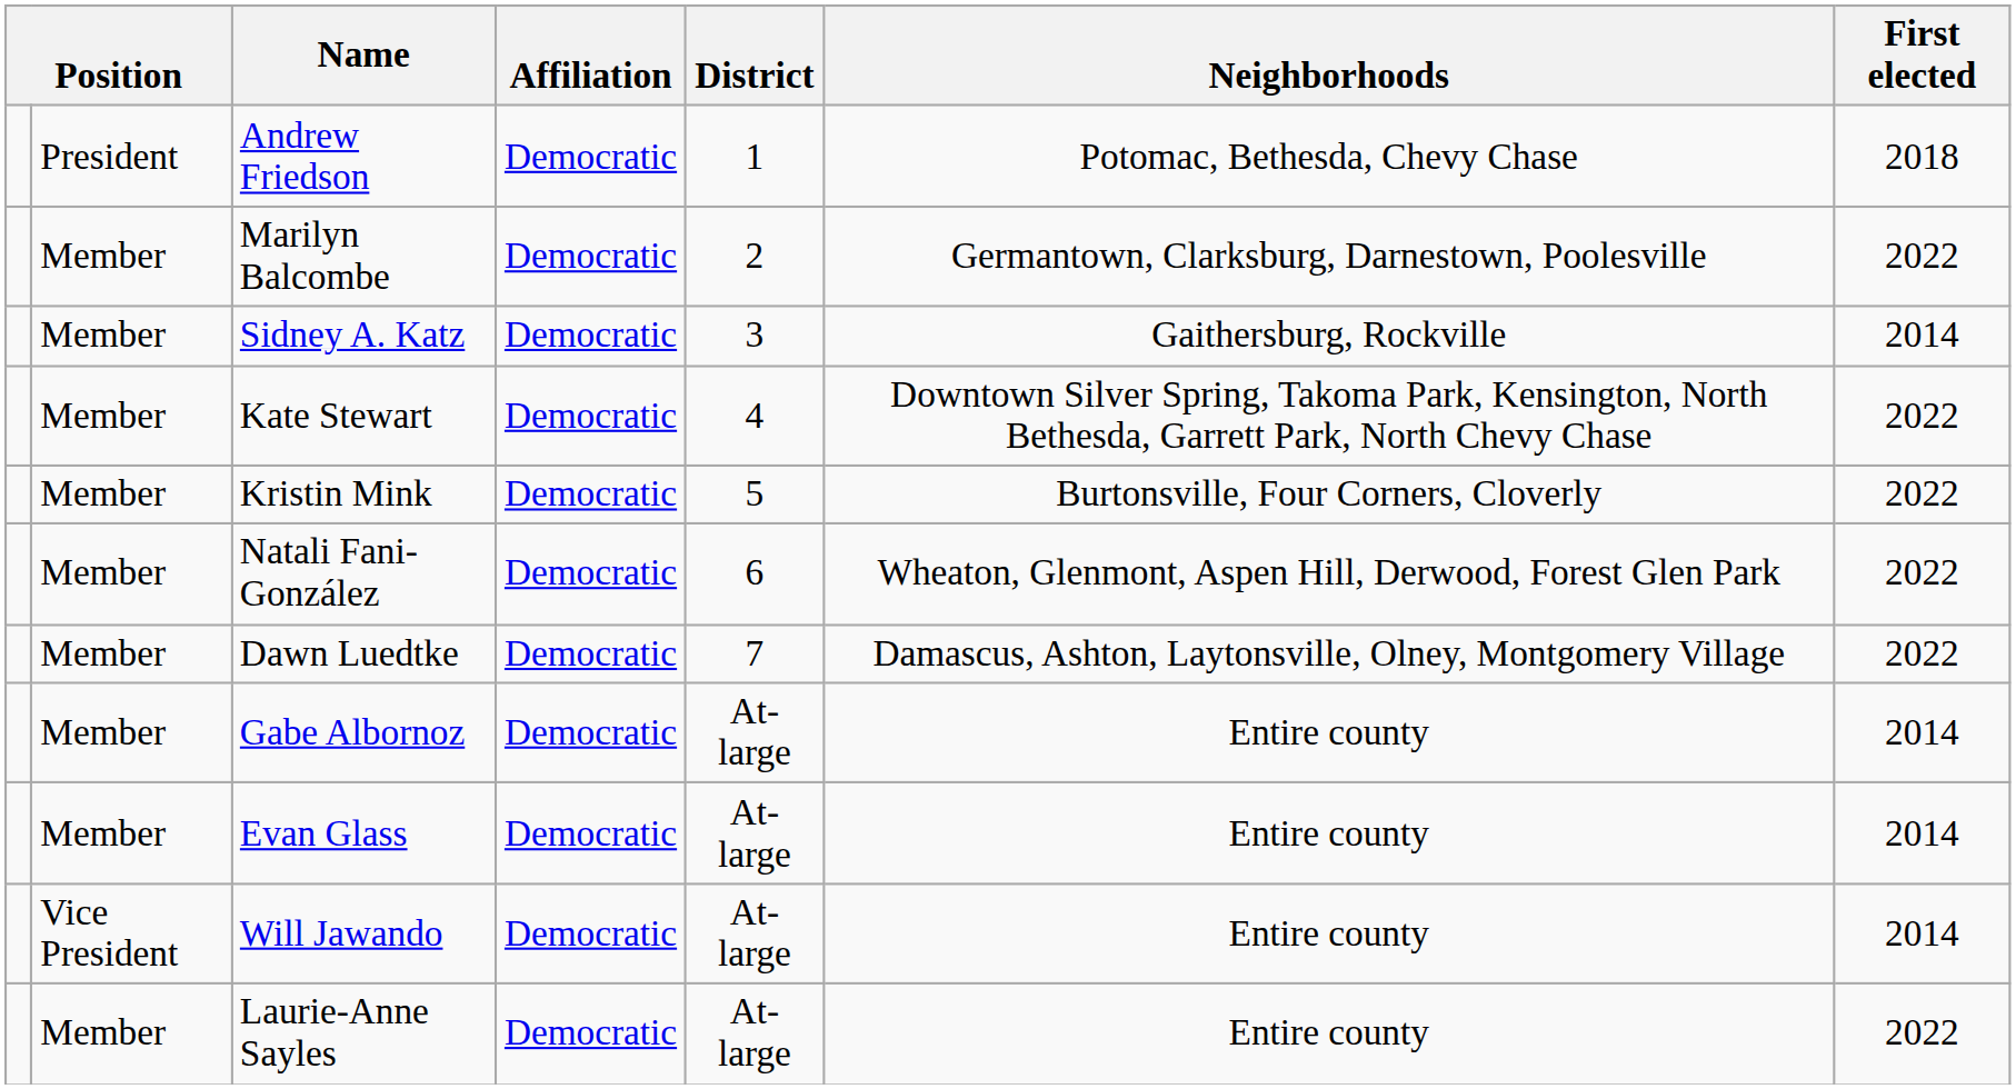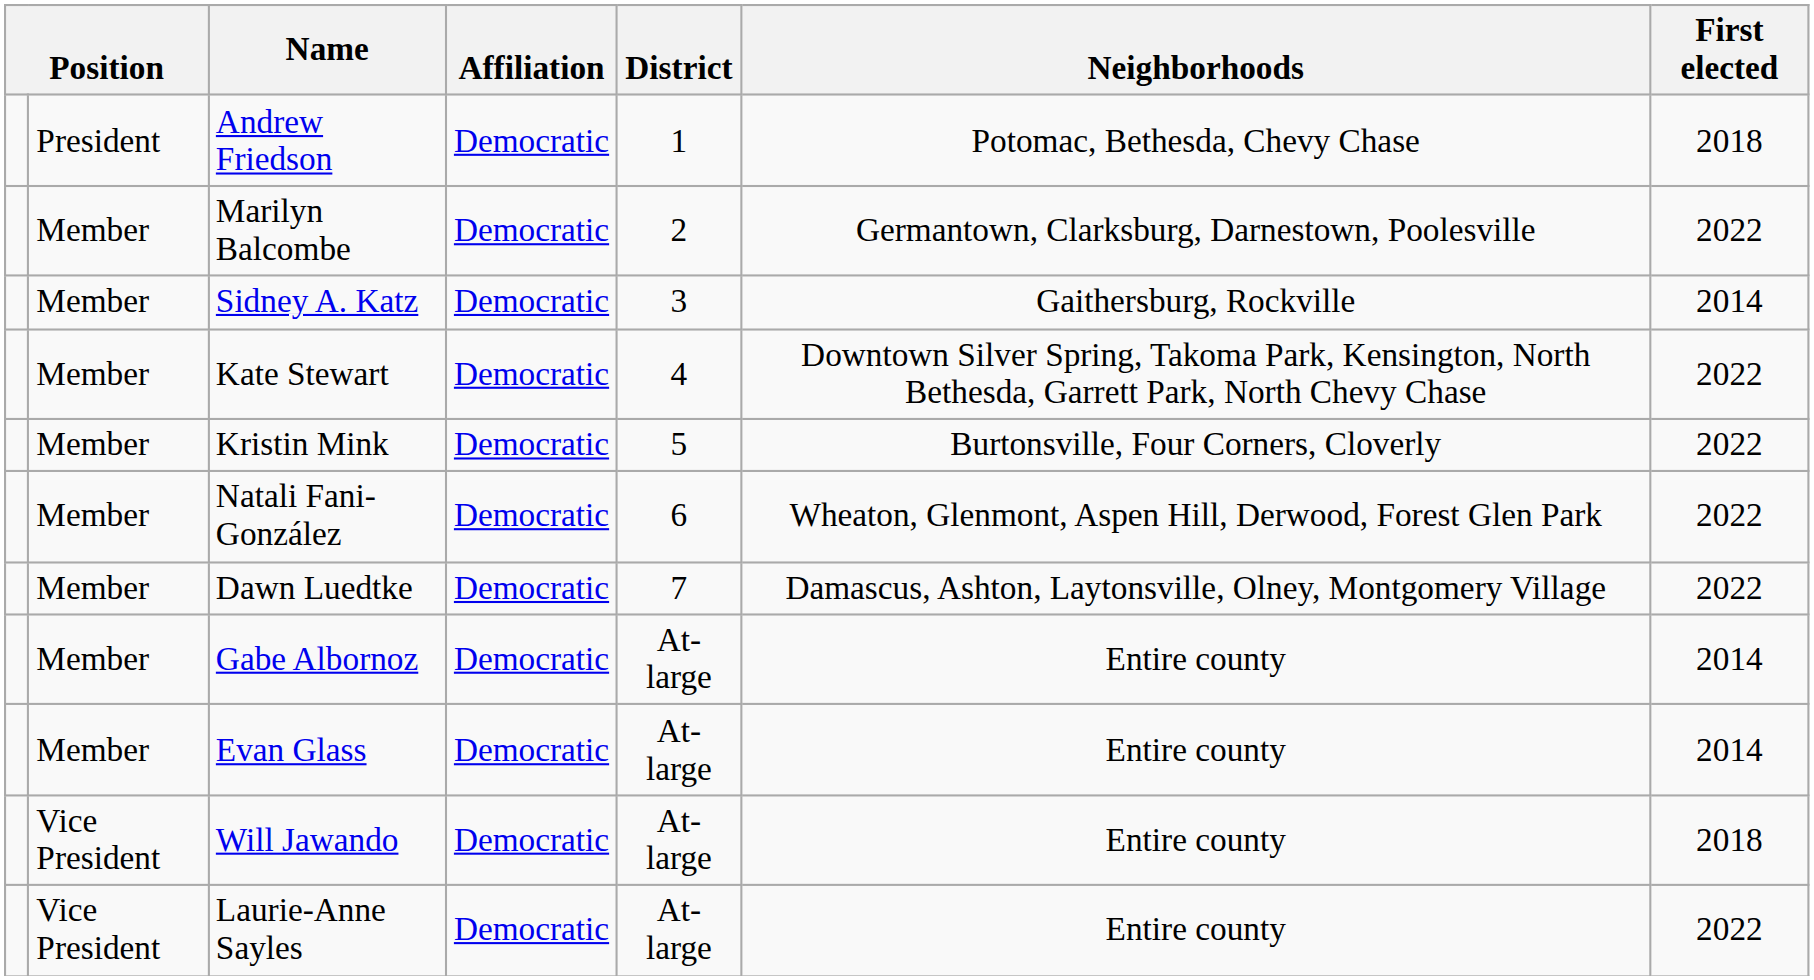 <table class=wikitable>
 <tr>
 <th colspan="2"  style="text-align:center; vertical-align:bottom;">Position</th>
 <th style="text-align:center;">Name</th>
 <th valign=bottom>Affiliation</th>
 <th style="vertical-align:bottom; text-align:center;">District</th>
 <th style="vertical-align:bottom; test-aligh:center;">Neighborhoods</th>
 <th style="vertical-align:bottom; text-align:center;">First elected</th>
 </tr>
 <tr>
 <td style="background-color:"> </td>
 <td>President</td>
 <td><a href='#'>Andrew Friedson</a></td>
 <td style="text-align:center;"><a href='#'>Democratic</a></td>
 <td style="text-align:center;">1</td>
 <td style="text-align:center;">Potomac, Bethesda, Chevy Chase</td>
 <td style="text-align:center;">2018</td>
 </tr>
 <tr>
 <td style="background-color:"> </td>
 <td>Member</td>
 <td>Marilyn Balcombe</td>
 <td style="text-align:center;"><a href='#'>Democratic</a></td>
 <td style="text-align:center;">2</td>
 <td style="text-align:center;">Germantown, Clarksburg, Darnestown, Poolesville</td>
 <td style="text-align:center;">2022</td>
 </tr>
 <tr>
 <td style="background-color:"> </td>
 <td>Member</td>
 <td><a href='#'>Sidney A. Katz</a></td>
 <td style="text-align:center;"><a href='#'>Democratic</a></td>
 <td style="text-align:center;">3</td>
 <td style="text-align:center;">Gaithersburg, Rockville</td>
 <td style="text-align:center;">2014</td>
 </tr>
 <tr>
 <td style="background-color:"> </td>
 <td>Member</td>
 <td>Kate Stewart</td>
 <td style="text-align:center;"><a href='#'>Democratic</a></td>
 <td style="text-align:center;">4</td>
 <td style="text-align:center;">Downtown Silver Spring, Takoma Park, Kensington, North Bethesda, Garrett Park, North Chevy Chase</td>
 <td style="text-align:center;">2022</td>
 </tr>
 <tr>
 <td style="background-color:"> </td>
 <td>Member</td>
 <td>Kristin Mink</td>
 <td style="text-align:center;"><a href='#'>Democratic</a></td>
 <td style="text-align:center;">5</td>
 <td style="text-align:center;">Burtonsville, Four Corners, Cloverly</td>
 <td style="text-align:center;">2022</td>
 </tr>
 <tr>
 <td style="background-color:"> </td>
 <td>Member</td>
 <td>Natali Fani-González</td>
 <td style="text-align:center;"><a href='#'>Democratic</a></td>
 <td style="text-align:center;">6</td>
 <td style="text-align:center;">Wheaton, Glenmont, Aspen Hill, Derwood, Forest Glen Park</td>
 <td style="text-align:center;">2022</td>
 </tr>
 <tr>
 <td style="background-color:"> </td>
 <td>Member</td>
 <td>Dawn Luedtke</td>
 <td style="text-align:center;"><a href='#'>Democratic</a></td>
 <td style="text-align:center;">7</td>
 <td style="text-align:center;">Damascus, Ashton, Laytonsville, Olney, Montgomery Village</td>
 <td style="text-align:center;">2022</td>
 </tr>
 <tr>
 <td style="background-color:"> </td>
 <td>Member</td>
 <td><a href='#'>Gabe Albornoz</a></td>
 <td style="text-align:center;"><a href='#'>Democratic</a></td>
 <td style="text-align:center;">At-large</td>
 <td style="text-align:center;">Entire county</td>
 <td style="text-align:center;">2014</td>
 </tr>
 <tr>
 <td style="background-color:"> </td>
 <td>Member</td>
 <td><a href='#'>Evan Glass</a></td>
 <td style="text-align:center;"><a href='#'>Democratic</a></td>
 <td style="text-align:center;">At-large</td>
 <td style="text-align:center;">Entire county</td>
 <td style="text-align:center;">2014</td>
 </tr>
 <tr>
 <td style="background-color:"> </td>
 <td>Vice President</td>
 <td><a href='#'>Will Jawando</a></td>
 <td style="text-align:center;"><a href='#'>Democratic</a></td>
 <td style="text-align:center;">At-large</td>
 <td style="text-align:center;">Entire county</td>
-<td style="text-align:center;">2014</td>
+<td style="text-align:center;">2018</td>
 </tr>
 <tr>
 <td style="background-color:"> </td>
-<td>Member</td>
+<td>Vice President</td>
 <td>Laurie-Anne Sayles</td>
 <td style="text-align:center;"><a href='#'>Democratic</a></td>
 <td style="text-align:center;">At-large</td>
 <td style="text-align:center;">Entire county</td>
 <td style="text-align:center;">2022</td>
 </tr>
 </table>
